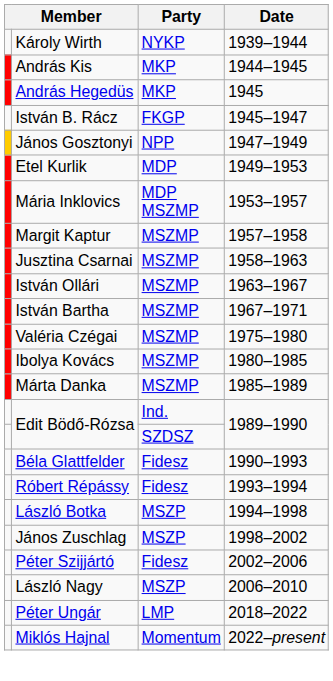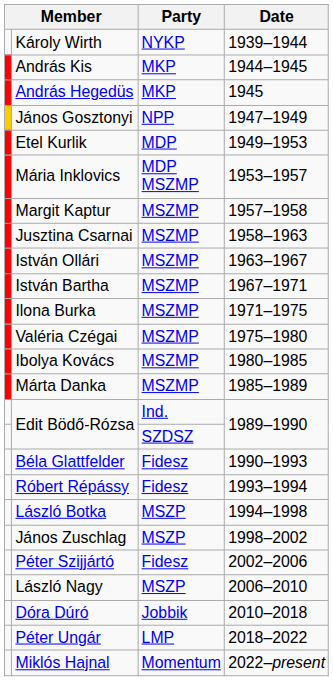 <table class=wikitable>
 <tr>
 <th colspan=2>Member</th>
 <th>Party</th>
 <th>Date</th>
 </tr>
 <tr>
 <td style="color:inherit;background-color:"></td>
 <td>Károly Wirth</td>
 <td><a href='#'>NYKP</a></td>
 <td>1939–1944</td>
 </tr>
 <tr>
 <td style="color:inherit;background:Red;"></td>
 <td>András Kis</td>
 <td><a href='#'>MKP</a></td>
 <td>1944–1945</td>
 </tr>
 <tr>
 <td style="color:inherit;background:Red;"></td>
 <td><a href='#'>András Hegedüs</a></td>
 <td><a href='#'>MKP</a></td>
 <td>1945</td>
-</tr>
-<tr>
-<td style="color:inherit;background-color:"></td>
-<td>István B. Rácz</td>
-<td><a href='#'>FKGP</a></td>
-<td>1945–1947</td>
 </tr>
 <tr>
 <td style="background:#fc0;"></td>
 <td>János Gosztonyi</td>
 <td><a href='#'>NPP</a></td>
 <td>1947–1949</td>
 </tr>
 <tr>
 <td style="color:inherit;background:Red;"></td>
 <td>Etel Kurlik</td>
 <td><a href='#'>MDP</a></td>
 <td>1949–1953</td>
 </tr>
 <tr>
 <td style="color:inherit;background:Red;"></td>
 <td>Mária Inklovics</td>
 <td><a href='#'>MDP</a><br><a href='#'>MSZMP</a></td>
 <td>1953–1957</td>
 </tr>
 <tr>
 <td style="color:inherit;background:Red;"></td>
 <td>Margit Kaptur</td>
 <td><a href='#'>MSZMP</a></td>
 <td>1957–1958</td>
 </tr>
 <tr>
 <td style="color:inherit;background:Red;"></td>
 <td>Jusztina Csarnai</td>
 <td><a href='#'>MSZMP</a></td>
 <td>1958–1963</td>
 </tr>
 <tr>
 <td style="color:inherit;background:Red;"></td>
 <td>István Ollári</td>
 <td><a href='#'>MSZMP</a></td>
 <td>1963–1967</td>
 </tr>
 <tr>
 <td style="color:inherit;background:Red;"></td>
 <td>István Bartha</td>
 <td><a href='#'>MSZMP</a></td>
 <td>1967–1971</td>
+</tr>
+<tr>
+<td style="color:inherit;background:Red;"></td>
+<td>Ilona Burka</td>
+<td><a href='#'>MSZMP</a></td>
+<td>1971–1975</td>
 </tr>
 <tr>
 <td style="color:inherit;background:Red;"></td>
 <td>Valéria Czégai</td>
 <td><a href='#'>MSZMP</a></td>
 <td>1975–1980</td>
 </tr>
 <tr>
 <td style="color:inherit;background:Red;"></td>
 <td>Ibolya Kovács</td>
 <td><a href='#'>MSZMP</a></td>
 <td>1980–1985</td>
 </tr>
 <tr>
 <td style="color:inherit;background:Red;"></td>
 <td>Márta Danka</td>
 <td><a href='#'>MSZMP</a></td>
 <td>1985–1989</td>
 </tr>
 <tr>
 <td style="color:inherit;background-color:"></td>
 <td rowspan=2>Edit Bödő-Rózsa</td>
 <td><a href='#'>Ind.</a></td>
 <td rowspan=2>1989–1990</td>
 </tr>
 <tr>
 <td style="color:inherit;background-color:"></td>
 <td><a href='#'>SZDSZ</a></td>
 </tr>
 <tr>
 <td style="color:inherit;background-color:"></td>
 <td><a href='#'>Béla Glattfelder</a></td>
 <td><a href='#'>Fidesz</a></td>
 <td>1990–1993</td>
 </tr>
 <tr>
 <td style="color:inherit;background-color:"></td>
 <td><a href='#'>Róbert Répássy</a></td>
 <td><a href='#'>Fidesz</a></td>
 <td>1993–1994</td>
 </tr>
 <tr>
 <td style="color:inherit;background-color:"></td>
 <td><a href='#'>László Botka</a></td>
 <td><a href='#'>MSZP</a></td>
 <td>1994–1998</td>
 </tr>
 <tr>
 <td style="color:inherit;background-color:"></td>
 <td>János Zuschlag</td>
 <td><a href='#'>MSZP</a></td>
 <td>1998–2002</td>
 </tr>
 <tr>
 <td style="color:inherit;background-color:"></td>
 <td><a href='#'>Péter Szijjártó</a></td>
 <td><a href='#'>Fidesz</a></td>
 <td>2002–2006</td>
 </tr>
 <tr>
 <td style="color:inherit;background-color:"></td>
 <td>László Nagy</td>
 <td><a href='#'>MSZP</a></td>
 <td>2006–2010</td>
 </tr>
 <tr>
 <td style="color:inherit;background-color:"></td>
+<td><a href='#'>Dóra Dúró</a></td>
+<td><a href='#'>Jobbik</a></td>
+<td>2010–2018</td>
+</tr>
+<tr>
+<td style="color:inherit;background-color:"></td>
 <td><a href='#'>Péter Ungár</a></td>
 <td><a href='#'>LMP</a></td>
 <td>2018–2022</td>
 </tr>
 <tr>
 <td style="color:inherit;background-color:"></td>
 <td><a href='#'>Miklós Hajnal</a></td>
 <td><a href='#'>Momentum</a></td>
 <td>2022–<em>present</em></td>
 </tr>
 </table>
